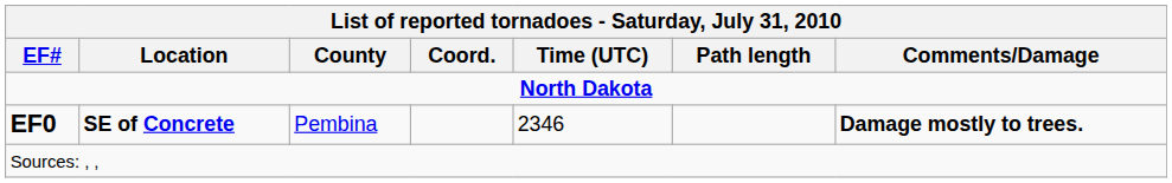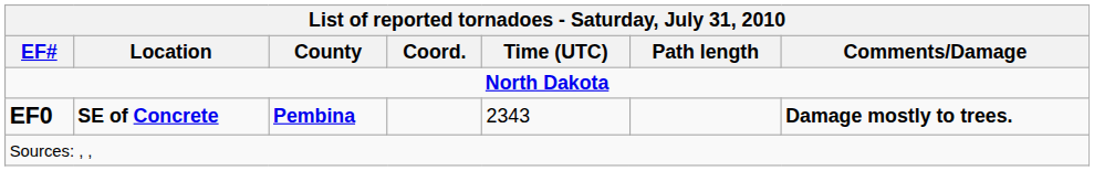 <table class="wikitable collapsible" style="width:100%;">
 <tr>
 <th colspan="7">List of reported tornadoes - Saturday, July 31, 2010</th>
 </tr>
 <tr>
 <th><a href='#'>EF#</a></th>
 <th>Location</th>
 <th>County</th>
 <th>Coord.</th>
 <th>Time (UTC)</th>
 <th>Path length</th>
 <th>Comments/Damage</th>
 </tr>
 <tr>
 <td colspan="7" style="text-align:center;"><strong><a href='#'>North Dakota</a></strong></td>
 </tr>
 <tr>
 <td><big><strong>EF0</strong></big></td>
 <td><strong>SE of <a href='#'>Concrete</a></strong></td>
-<td><a href='#'>Pembina</a></td>
+<td><strong><a href='#'>Pembina</a></strong></td>
 <td></td>
-<td>2346</td>
+<td>2343</td>
 <td></td>
 <td><strong>Damage mostly to trees.</strong></td>
 </tr>
 <tr>
 <td colspan="7"><small>Sources: , , </small></td>
 </tr>
 </table>
